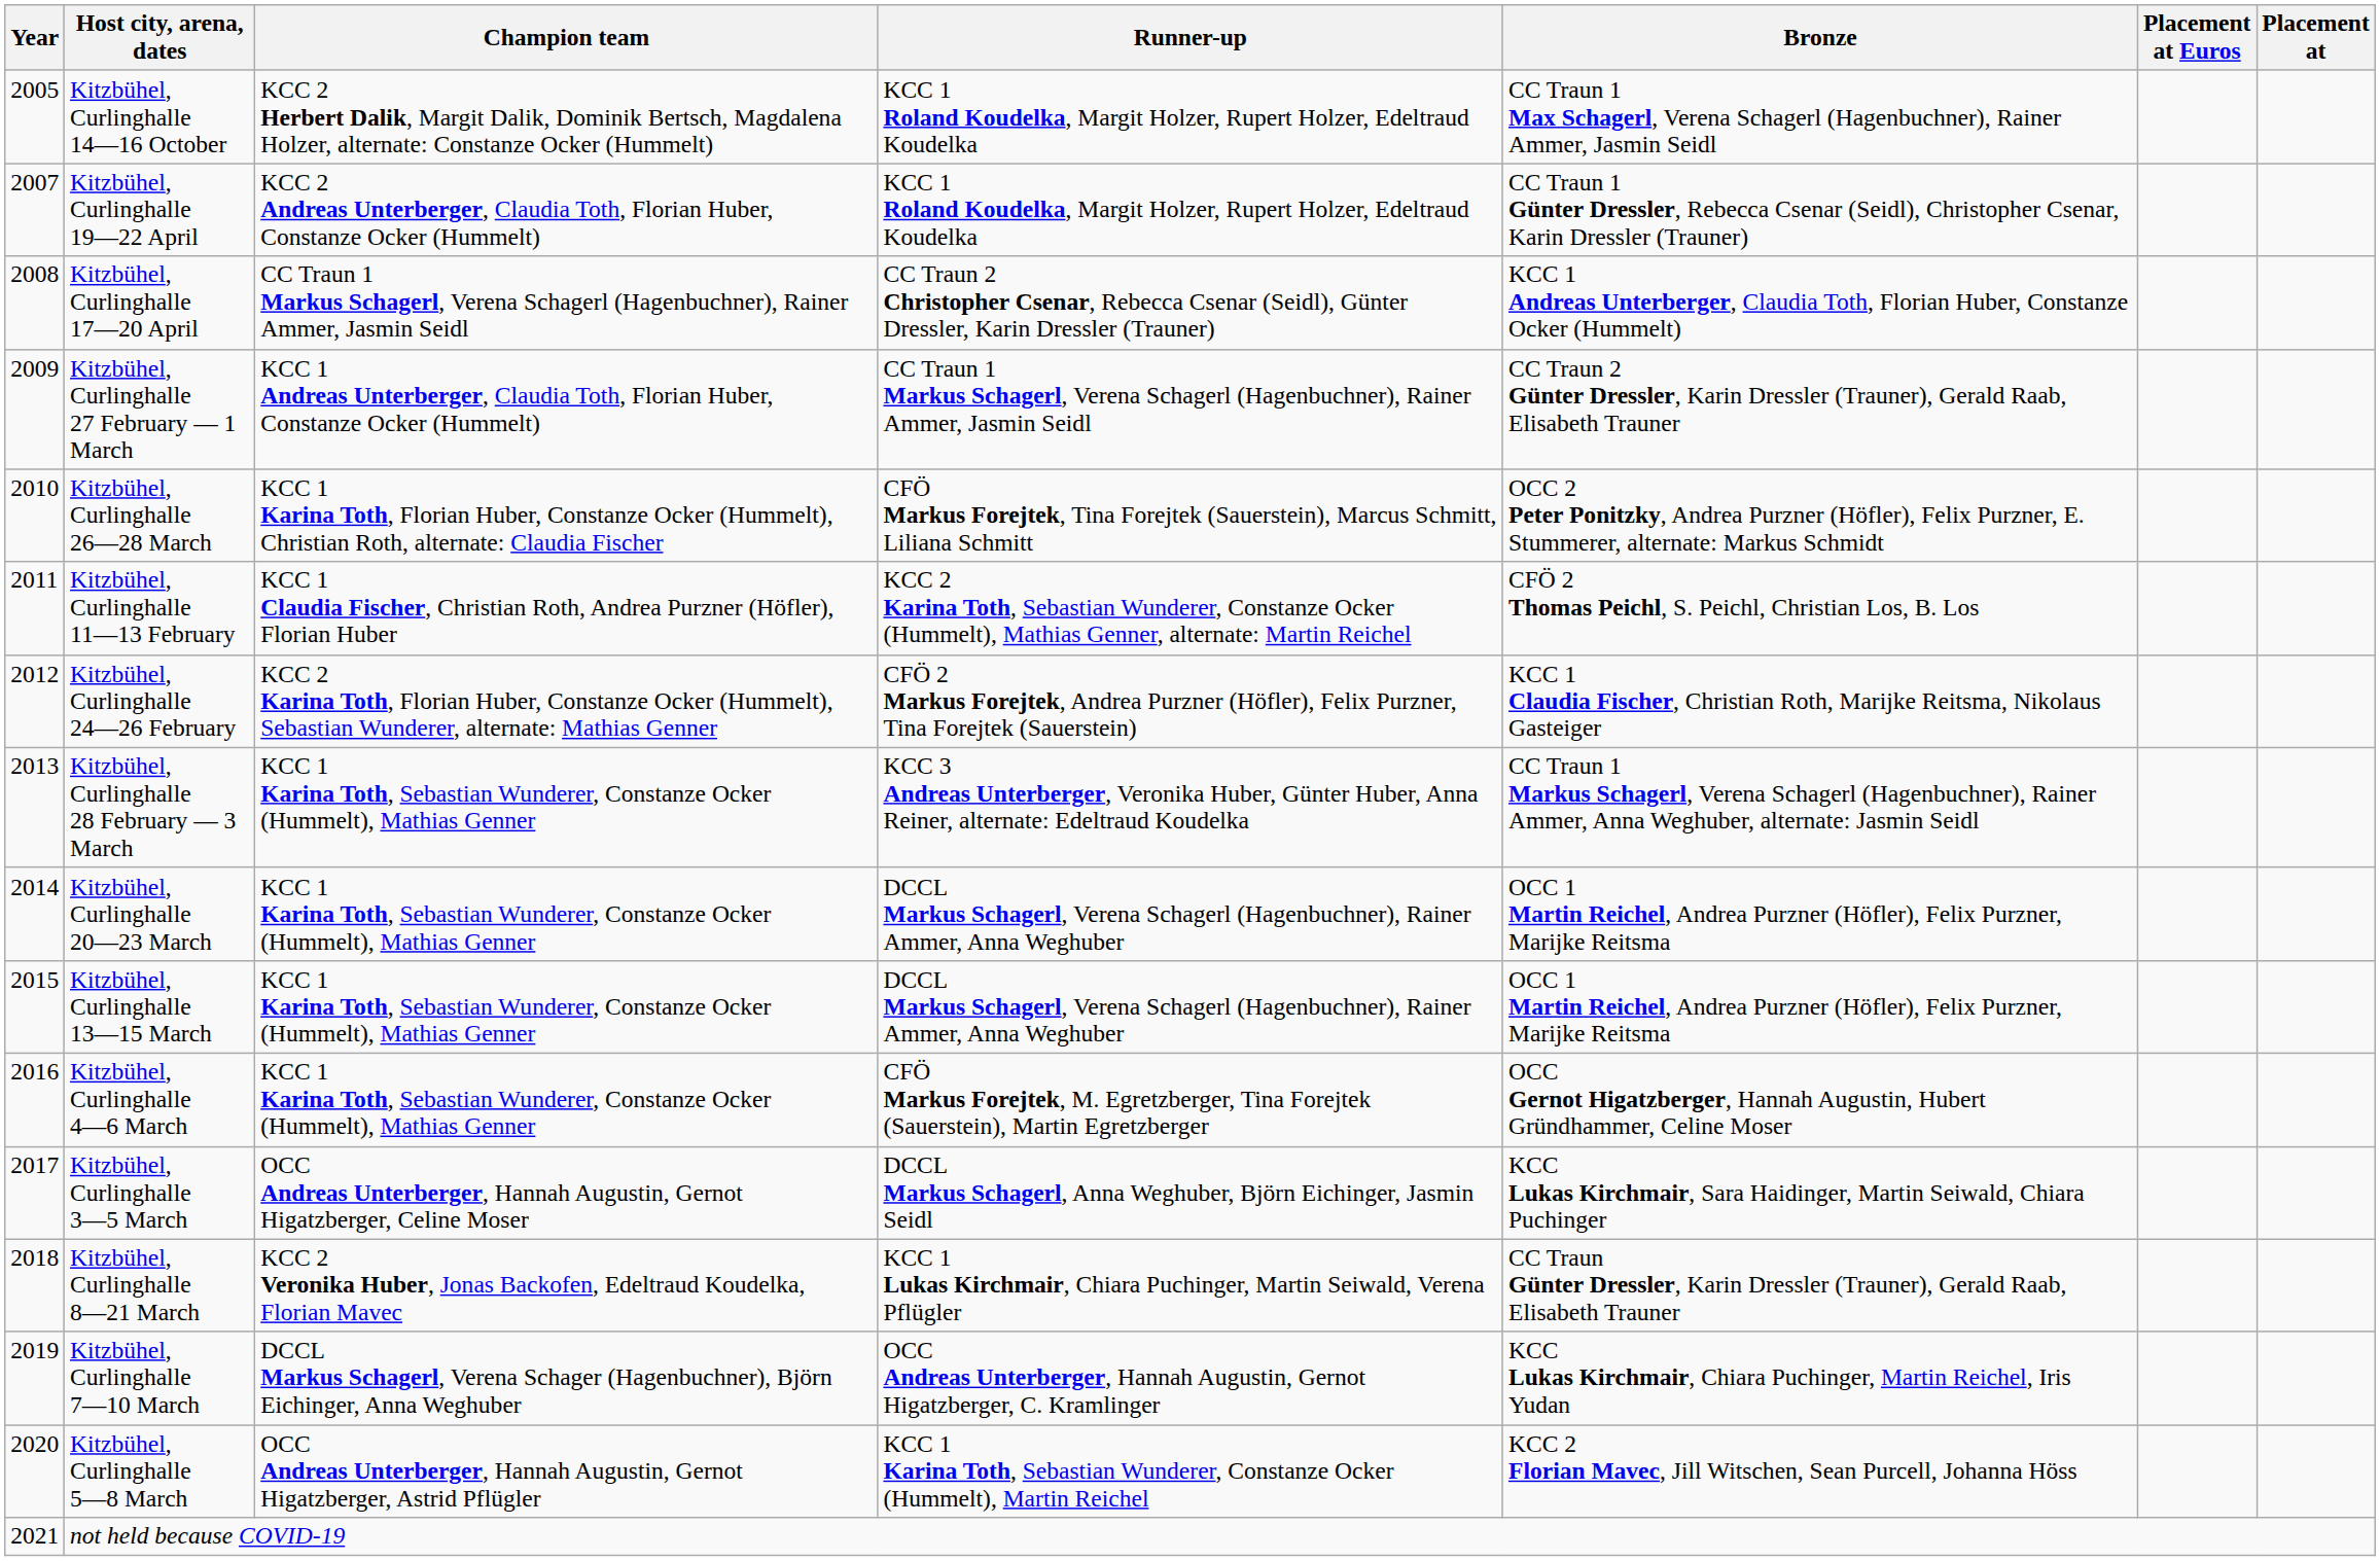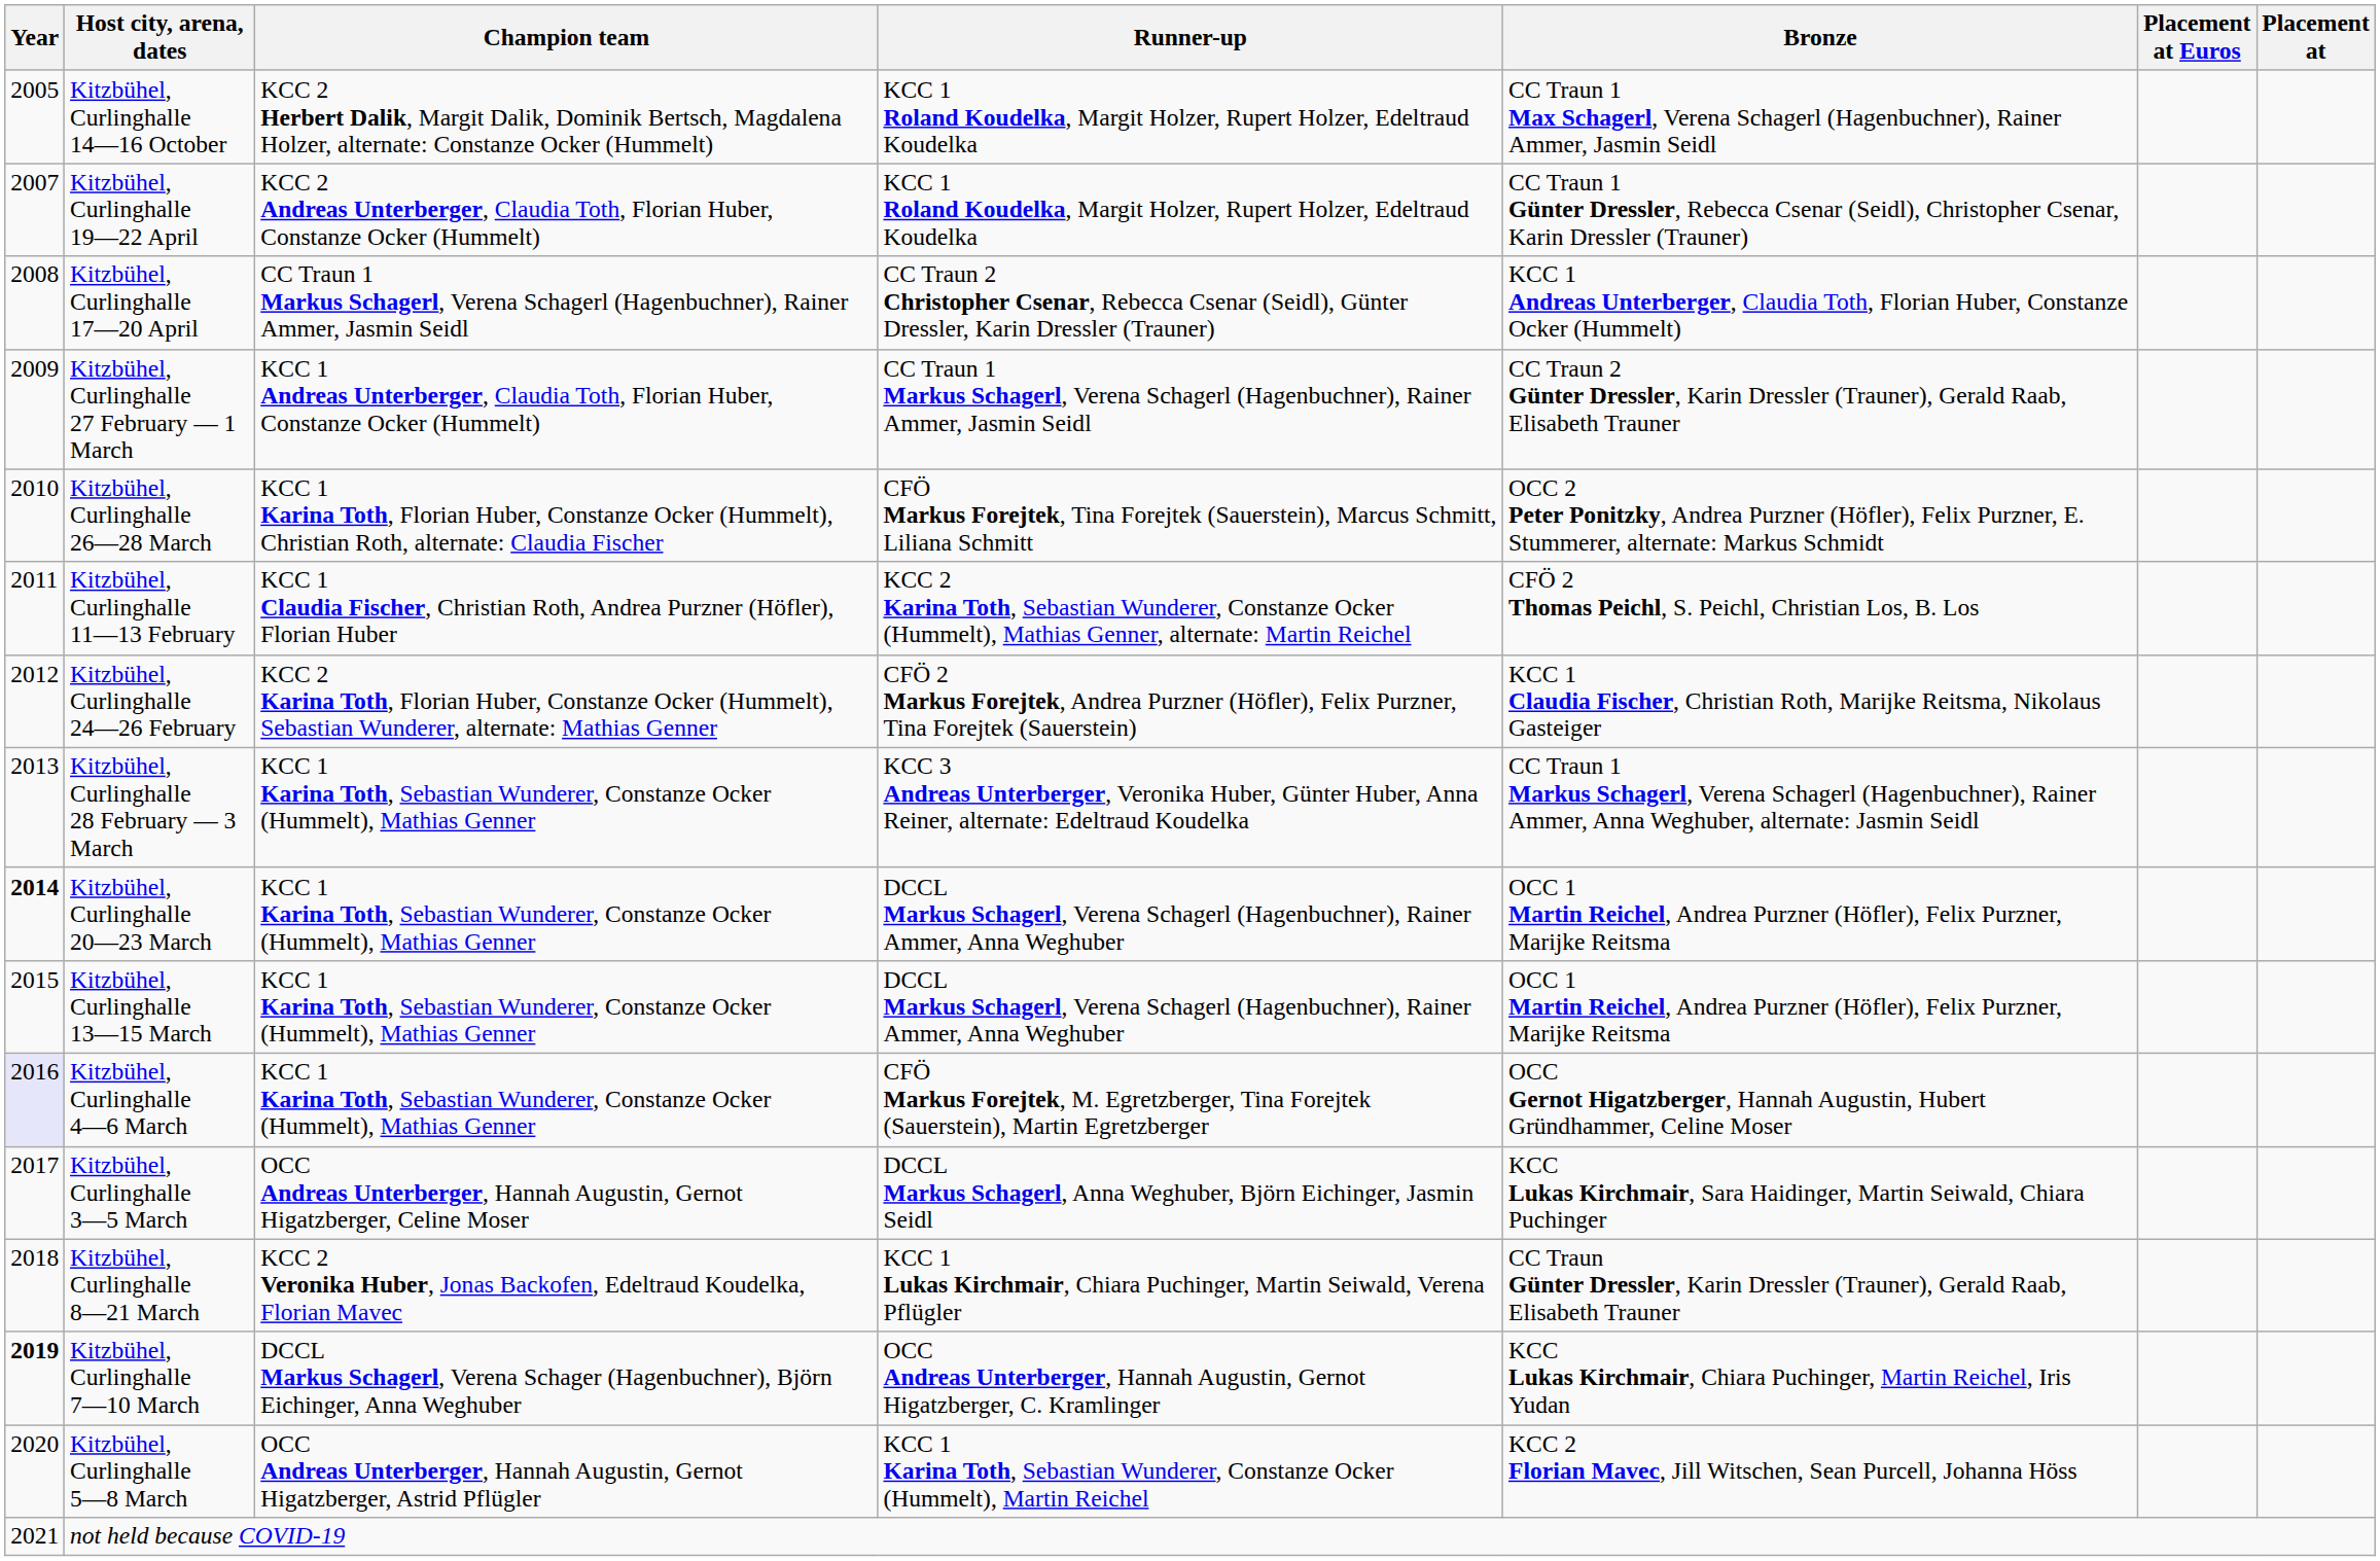 <table class="wikitable" border="1">
 <tr>
 <th>Year</th>
 <th>Host city, arena,<br>dates</th>
 <th>Champion team</th>
 <th>Runner-up</th>
 <th>Bronze</th>
 <th>Placement<br>at <a href='#'>Euros</a></th>
 <th>Placement<br>at </th>
 </tr>
 <tr valign="top">
 <td>2005</td>
 <td><a href='#'>Kitzbühel</a>,<br>Curlinghalle<br>14—16 October</td>
 <td>KCC 2<br><strong>Herbert Dalik</strong>, Margit Dalik, Dominik Bertsch, Magdalena Holzer, alternate: Constanze Ocker (Hummelt)</td>
 <td>KCC 1<br><strong><a href='#'>Roland Koudelka</a></strong>, Margit Holzer, Rupert Holzer, Edeltraud Koudelka</td>
 <td>CC Traun 1<br><strong><a href='#'>Max Schagerl</a></strong>, Verena Schagerl (Hagenbuchner), Rainer Ammer, Jasmin Seidl</td>
 <td></td>
 <td></td>
 </tr>
 <tr valign="top">
 <td>2007</td>
 <td><a href='#'>Kitzbühel</a>,<br>Curlinghalle<br>19—22 April</td>
 <td>KCC 2<br><strong><a href='#'>Andreas Unterberger</a></strong>, <a href='#'>Claudia Toth</a>, Florian Huber, Constanze Ocker (Hummelt)</td>
 <td>KCC 1<br><strong><a href='#'>Roland Koudelka</a></strong>, Margit Holzer, Rupert Holzer, Edeltraud Koudelka</td>
 <td>CC Traun 1<br><strong>Günter Dressler</strong>, Rebecca Csenar (Seidl), Christopher Csenar, Karin Dressler (Trauner)</td>
 <td></td>
 <td></td>
 </tr>
 <tr valign="top">
 <td>2008</td>
 <td><a href='#'>Kitzbühel</a>,<br>Curlinghalle<br>17—20 April</td>
 <td>CC Traun 1<br><strong><a href='#'>Markus Schagerl</a></strong>, Verena Schagerl (Hagenbuchner), Rainer Ammer, Jasmin Seidl</td>
 <td>CC Traun 2<br><strong>Christopher Csenar</strong>, Rebecca Csenar (Seidl), Günter Dressler, Karin Dressler (Trauner)</td>
 <td>KCC 1<br><strong><a href='#'>Andreas Unterberger</a></strong>, <a href='#'>Claudia Toth</a>, Florian Huber, Constanze Ocker (Hummelt)</td>
 <td></td>
 <td></td>
 </tr>
 <tr valign="top">
 <td>2009</td>
 <td><a href='#'>Kitzbühel</a>,<br>Curlinghalle<br>27 February — 1 March</td>
 <td>KCC 1<br><strong><a href='#'>Andreas Unterberger</a></strong>, <a href='#'>Claudia Toth</a>, Florian Huber, Constanze Ocker (Hummelt)</td>
 <td>CC Traun 1<br><strong><a href='#'>Markus Schagerl</a></strong>, Verena Schagerl (Hagenbuchner), Rainer Ammer, Jasmin Seidl</td>
 <td>CC Traun 2<br><strong>Günter Dressler</strong>, Karin Dressler (Trauner), Gerald Raab, Elisabeth Trauner</td>
 <td></td>
 <td></td>
 </tr>
 <tr valign="top">
 <td>2010</td>
 <td><a href='#'>Kitzbühel</a>,<br>Curlinghalle<br>26—28 March</td>
 <td>KCC 1<br><strong><a href='#'>Karina Toth</a></strong>, Florian Huber, Constanze Ocker (Hummelt), Christian Roth, alternate: <a href='#'>Claudia Fischer</a></td>
 <td>CFÖ<br><strong>Markus Forejtek</strong>, Tina Forejtek (Sauerstein), Marcus Schmitt, Liliana Schmitt</td>
 <td>OCC 2<br><strong>Peter Ponitzky</strong>, Andrea Purzner (Höfler), Felix Purzner, E. Stummerer, alternate: Markus Schmidt</td>
 <td></td>
 <td></td>
 </tr>
 <tr valign="top">
 <td>2011</td>
 <td><a href='#'>Kitzbühel</a>,<br>Curlinghalle<br>11—13 February</td>
 <td>KCC 1<br><strong><a href='#'>Claudia Fischer</a></strong>, Christian Roth, Andrea Purzner (Höfler), Florian Huber</td>
 <td>KCC 2<br><strong><a href='#'>Karina Toth</a></strong>, <a href='#'>Sebastian Wunderer</a>, Constanze Ocker (Hummelt), <a href='#'>Mathias Genner</a>, alternate: <a href='#'>Martin Reichel</a></td>
 <td>CFÖ 2<br><strong>Thomas Peichl</strong>, S. Peichl, Christian Los, B. Los</td>
 <td></td>
 <td></td>
 </tr>
 <tr valign="top">
 <td>2012</td>
 <td><a href='#'>Kitzbühel</a>,<br>Curlinghalle<br>24—26 February</td>
 <td>KCC 2<br><strong><a href='#'>Karina Toth</a></strong>, Florian Huber, Constanze Ocker (Hummelt), <a href='#'>Sebastian Wunderer</a>, alternate: <a href='#'>Mathias Genner</a></td>
 <td>CFÖ 2<br><strong>Markus Forejtek</strong>, Andrea Purzner (Höfler), Felix Purzner, Tina Forejtek (Sauerstein)</td>
 <td>KCC 1<br><strong><a href='#'>Claudia Fischer</a></strong>, Christian Roth, Marijke Reitsma, Nikolaus Gasteiger</td>
 <td></td>
 <td></td>
 </tr>
 <tr valign="top">
 <td>2013</td>
 <td><a href='#'>Kitzbühel</a>,<br>Curlinghalle<br>28 February — 3 March</td>
 <td>KCC 1<br><strong><a href='#'>Karina Toth</a></strong>, <a href='#'>Sebastian Wunderer</a>, Constanze Ocker (Hummelt), <a href='#'>Mathias Genner</a></td>
 <td>KCC 3<br><strong><a href='#'>Andreas Unterberger</a></strong>, Veronika Huber, Günter Huber, Anna Reiner, alternate: Edeltraud Koudelka</td>
 <td>CC Traun 1<br><strong><a href='#'>Markus Schagerl</a></strong>, Verena Schagerl (Hagenbuchner), Rainer Ammer, Anna Weghuber, alternate: Jasmin Seidl</td>
 <td></td>
 <td></td>
 </tr>
 <tr valign="top">
-<td>2014</td>
+<td><strong>2014</strong></td>
 <td><a href='#'>Kitzbühel</a>,<br>Curlinghalle<br>20—23 March</td>
 <td>KCC 1<br><strong><a href='#'>Karina Toth</a></strong>, <a href='#'>Sebastian Wunderer</a>, Constanze Ocker (Hummelt), <a href='#'>Mathias Genner</a></td>
 <td>DCCL<br><strong><a href='#'>Markus Schagerl</a></strong>, Verena Schagerl (Hagenbuchner), Rainer Ammer, Anna Weghuber</td>
 <td>OCC 1<br><strong><a href='#'>Martin Reichel</a></strong>, Andrea Purzner (Höfler), Felix Purzner, Marijke Reitsma</td>
 <td></td>
 <td></td>
 </tr>
 <tr valign="top">
 <td>2015</td>
 <td><a href='#'>Kitzbühel</a>,<br>Curlinghalle<br>13—15 March</td>
 <td>KCC 1<br><strong><a href='#'>Karina Toth</a></strong>, <a href='#'>Sebastian Wunderer</a>, Constanze Ocker (Hummelt), <a href='#'>Mathias Genner</a></td>
 <td>DCCL<br><strong><a href='#'>Markus Schagerl</a></strong>, Verena Schagerl (Hagenbuchner), Rainer Ammer, Anna Weghuber</td>
 <td>OCC 1<br><strong><a href='#'>Martin Reichel</a></strong>, Andrea Purzner (Höfler), Felix Purzner, Marijke Reitsma</td>
 <td></td>
 <td></td>
 </tr>
 <tr valign="top">
-<td>2016</td>
+<td style="background: lavender;">2016</td>
 <td><a href='#'>Kitzbühel</a>,<br>Curlinghalle<br>4—6 March</td>
 <td>KCC 1<br><strong><a href='#'>Karina Toth</a></strong>, <a href='#'>Sebastian Wunderer</a>, Constanze Ocker (Hummelt), <a href='#'>Mathias Genner</a></td>
 <td>CFÖ<br><strong>Markus Forejtek</strong>, M. Egretzberger, Tina Forejtek (Sauerstein), Martin Egretzberger</td>
 <td>OCC<br><strong>Gernot Higatzberger</strong>, Hannah Augustin, Hubert Gründhammer, Celine Moser</td>
 <td></td>
 <td></td>
 </tr>
 <tr valign="top">
 <td>2017</td>
 <td><a href='#'>Kitzbühel</a>,<br>Curlinghalle<br>3—5 March</td>
 <td>OCC<br><strong><a href='#'>Andreas Unterberger</a></strong>, Hannah Augustin, Gernot Higatzberger, Celine Moser</td>
 <td>DCCL<br><strong><a href='#'>Markus Schagerl</a></strong>, Anna Weghuber, Björn Eichinger, Jasmin Seidl</td>
 <td>KCC<br><strong>Lukas Kirchmair</strong>, Sara Haidinger, Martin Seiwald, Chiara Puchinger</td>
 <td></td>
 <td></td>
 </tr>
 <tr valign="top">
 <td>2018</td>
 <td><a href='#'>Kitzbühel</a>,<br>Curlinghalle<br>8—21 March</td>
 <td>KCC 2<br><strong>Veronika Huber</strong>, <a href='#'>Jonas Backofen</a>, Edeltraud Koudelka, <a href='#'>Florian Mavec</a></td>
 <td>KCC 1<br><strong>Lukas Kirchmair</strong>, Chiara Puchinger, Martin Seiwald, Verena Pflügler</td>
 <td>CC Traun<br><strong>Günter Dressler</strong>, Karin Dressler (Trauner), Gerald Raab, Elisabeth Trauner</td>
 <td></td>
 <td></td>
 </tr>
 <tr valign="top">
-<td>2019</td>
+<td><strong>2019</strong></td>
 <td><a href='#'>Kitzbühel</a>,<br>Curlinghalle<br>7—10 March</td>
 <td>DCCL<br><strong><a href='#'>Markus Schagerl</a></strong>, Verena Schager (Hagenbuchner), Björn Eichinger, Anna Weghuber</td>
 <td>OCC<br><strong><a href='#'>Andreas Unterberger</a></strong>, Hannah Augustin, Gernot Higatzberger, C. Kramlinger</td>
 <td>KCC<br><strong>Lukas Kirchmair</strong>, Chiara Puchinger, <a href='#'>Martin Reichel</a>, Iris Yudan</td>
 <td></td>
 <td></td>
 </tr>
 <tr valign="top">
 <td>2020</td>
 <td><a href='#'>Kitzbühel</a>,<br>Curlinghalle<br>5—8 March</td>
 <td>OCC<br><strong><a href='#'>Andreas Unterberger</a></strong>, Hannah Augustin, Gernot Higatzberger, Astrid Pflügler</td>
 <td>KCC 1<br><strong><a href='#'>Karina Toth</a></strong>, <a href='#'>Sebastian Wunderer</a>, Constanze Ocker (Hummelt), <a href='#'>Martin Reichel</a></td>
 <td>KCC 2<br><strong><a href='#'>Florian Mavec</a></strong>, Jill Witschen, Sean Purcell, Johanna Höss</td>
 <td></td>
 <td></td>
 </tr>
 <tr>
 <td>2021</td>
 <td colspan=6><em>not held because <a href='#'>COVID-19</a></em><br></td>
 </tr>
 </table>
